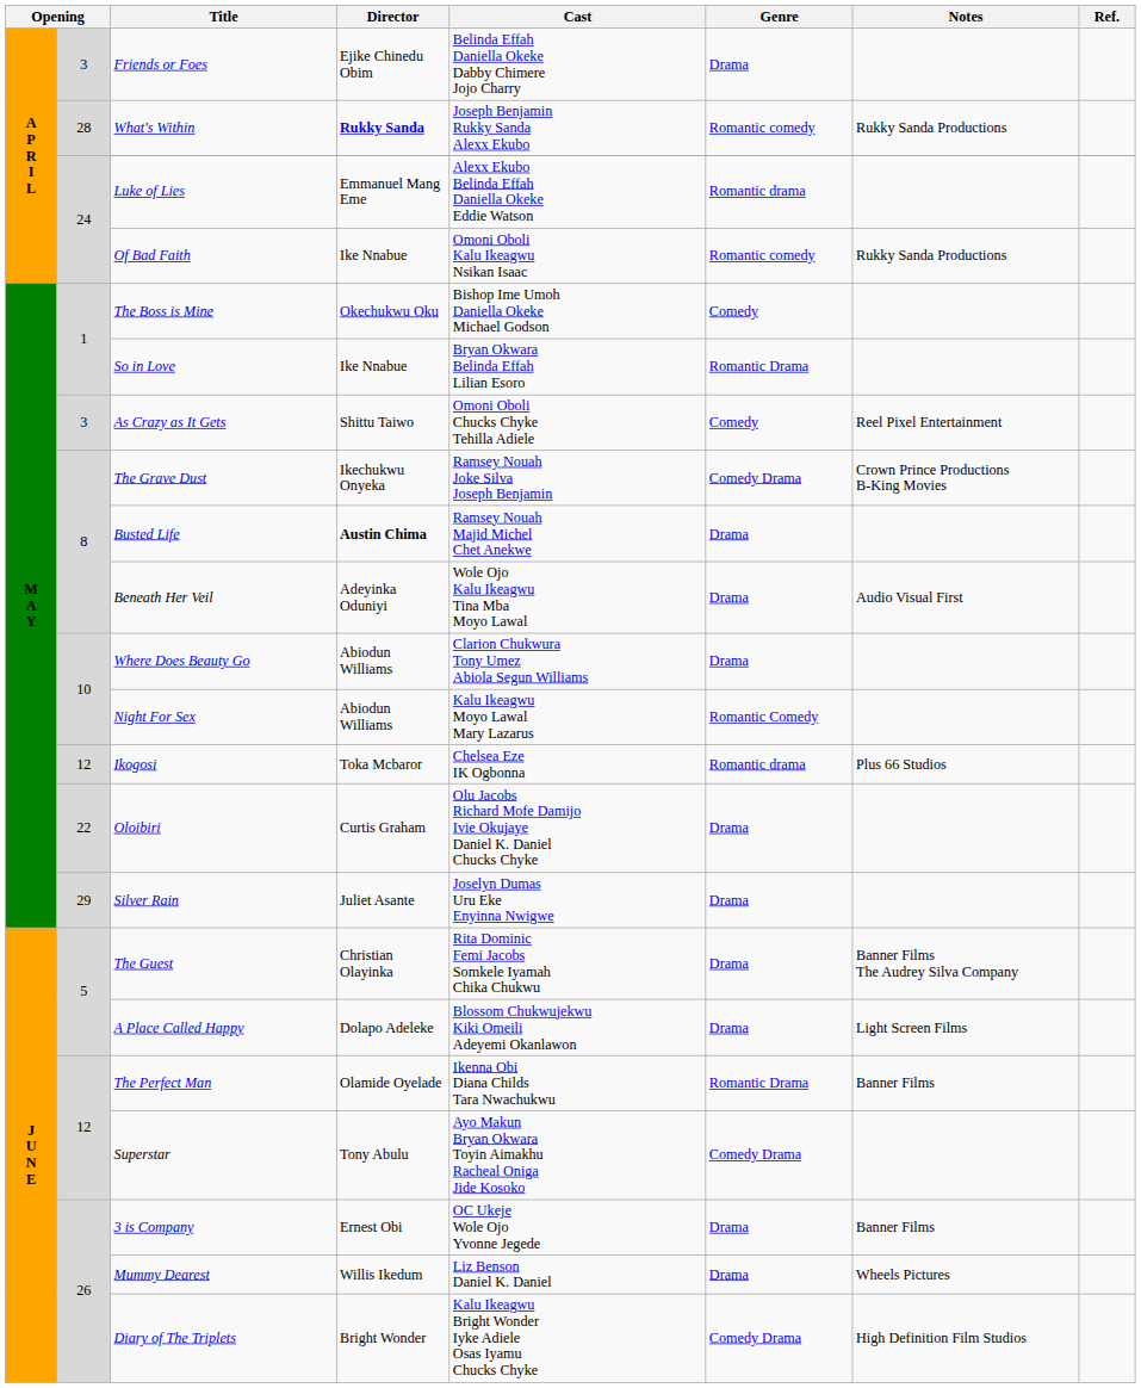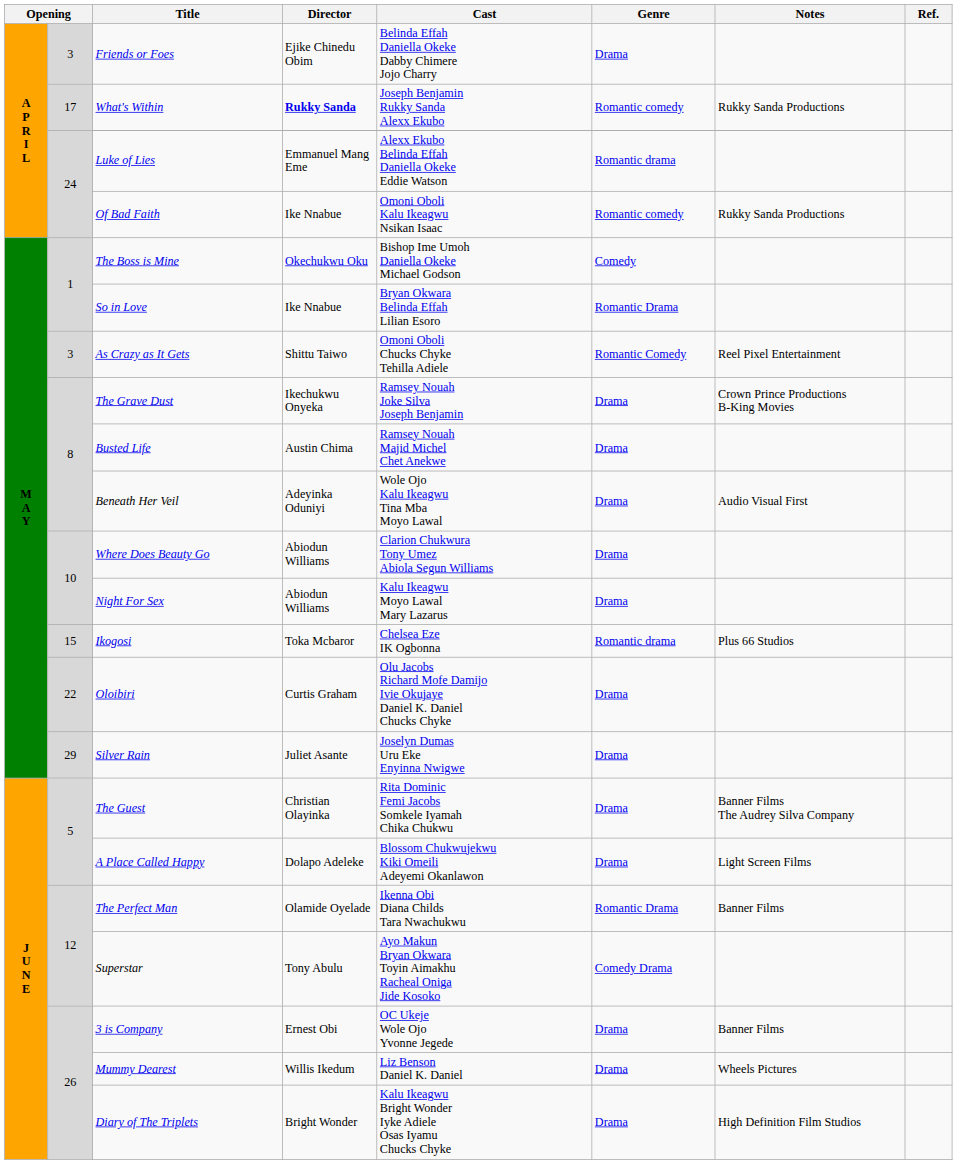 <table class="wikitable">
 <tr>
 <th colspan="2">Opening</th>
 <th style="width:20%;">Title</th>
 <th style="width:10%;">Director</th>
 <th>Cast</th>
 <th style="width:13%">Genre</th>
 <th style="width:20%">Notes</th>
 <th>Ref.</th>
 </tr>
 <tr>
 <td rowspan=5 style="text-align:center; background:orange; textcolor:#000;"><strong>A<br>P<br>R<br>I<br>L<br></strong></td>
 <td rowspan=1 style="text-align:center; background:#d8d8d8; textcolor:#000;">3</td>
 <td><em><a href='#'>Friends or Foes</a></em></td>
 <td>Ejike Chinedu Obim</td>
 <td><a href='#'>Belinda Effah</a><br><a href='#'>Daniella Okeke</a><br>Dabby Chimere<br>Jojo Charry</td>
 <td><a href='#'>Drama</a></td>
 <td></td>
 <td></td>
 </tr>
 <tr>
-<td rowspan=1 style="text-align:center; background:#d8d8d8; textcolor:#000;">28</td>
+<td rowspan=1 style="text-align:center; background:#d8d8d8; textcolor:#000;">17</td>
 <td><em><a href='#'>What's Within</a></em></td>
 <td><strong><a href='#'>Rukky Sanda</a></strong></td>
 <td><a href='#'>Joseph Benjamin</a><br><a href='#'>Rukky Sanda</a><br><a href='#'>Alexx Ekubo</a></td>
 <td><a href='#'>Romantic comedy</a></td>
 <td>Rukky Sanda Productions</td>
 <td></td>
 </tr>
 <tr>
 <td rowspan=3 style="text-align:center; background:#d8d8d8; textcolor:#000;">24</td>
 </tr>
 <tr>
 <td><em><a href='#'>Luke of Lies</a></em></td>
 <td>Emmanuel Mang Eme</td>
 <td><a href='#'>Alexx Ekubo</a><br><a href='#'>Belinda Effah</a><br><a href='#'>Daniella Okeke</a> <br> Eddie Watson</td>
 <td><a href='#'>Romantic drama</a></td>
 <td></td>
 <td></td>
 </tr>
 <tr>
 <td><em><a href='#'>Of Bad Faith</a></em></td>
 <td>Ike Nnabue</td>
 <td><a href='#'>Omoni Oboli</a><br><a href='#'>Kalu Ikeagwu</a><br>Nsikan Isaac</td>
 <td><a href='#'>Romantic comedy</a></td>
 <td>Rukky Sanda Productions</td>
 <td></td>
 </tr>
 <tr>
 <td rowspan=11 style="text-align:center; background:green; textcolor:#000;"><strong>M<br>A<br>Y<br></strong></td>
 <td rowspan=2 style="text-align:center; background:#d8d8d8; textcolor:#000;">1</td>
 <td><em><a href='#'>The Boss is Mine</a></em></td>
 <td><a href='#'>Okechukwu Oku</a></td>
 <td>Bishop Ime Umoh<br><a href='#'>Daniella Okeke</a><br>Michael Godson</td>
 <td><a href='#'>Comedy</a></td>
 <td></td>
 <td></td>
 </tr>
 <tr>
 <td><em><a href='#'>So in Love</a></em></td>
 <td>Ike Nnabue</td>
 <td><a href='#'>Bryan Okwara</a><br><a href='#'>Belinda Effah</a><br>Lilian Esoro</td>
 <td><a href='#'>Romantic Drama</a></td>
 <td></td>
 <td></td>
 </tr>
 <tr>
 <td rowspan=1 style="text-align:center; background:#d8d8d8; textcolor:#000;">3</td>
 <td><em><a href='#'>As Crazy as It Gets</a></em></td>
 <td>Shittu Taiwo</td>
 <td><a href='#'>Omoni Oboli</a><br>Chucks Chyke<br>Tehilla Adiele</td>
-<td><a href='#'>Comedy</a></td>
+<td><a href='#'>Romantic Comedy</a></td>
 <td>Reel Pixel Entertainment</td>
 <td></td>
 </tr>
 <tr>
 <td rowspan=3 style="text-align:center; background:#d8d8d8; textcolor:#000;">8</td>
 <td><em><a href='#'>The Grave Dust</a></em></td>
 <td>Ikechukwu Onyeka</td>
 <td><a href='#'>Ramsey Nouah</a><br><a href='#'>Joke Silva</a><br><a href='#'>Joseph Benjamin</a></td>
-<td><a href='#'>Comedy Drama</a></td>
+<td><a href='#'>Drama</a></td>
 <td>Crown Prince Productions <br> B-King Movies</td>
 <td></td>
 </tr>
 <tr>
 <td><em><a href='#'>Busted Life</a></em></td>
-<td><strong>Austin Chima</strong></td>
+<td>Austin Chima</td>
 <td><a href='#'>Ramsey Nouah</a><br><a href='#'>Majid Michel</a><br><a href='#'>Chet Anekwe</a></td>
 <td><a href='#'>Drama</a></td>
 <td></td>
 <td></td>
 </tr>
 <tr>
 <td><em>Beneath Her Veil</em></td>
 <td>Adeyinka Oduniyi</td>
 <td>Wole Ojo<br><a href='#'>Kalu Ikeagwu</a><br>Tina Mba<br>Moyo Lawal</td>
 <td><a href='#'>Drama</a></td>
 <td>Audio Visual First</td>
 <td></td>
 </tr>
 <tr>
 <td rowspan=2 style="text-align:center; background:#d8d8d8; textcolor:#000;">10</td>
 <td><em><a href='#'>Where Does Beauty Go</a></em></td>
 <td>Abiodun Williams</td>
 <td><a href='#'>Clarion Chukwura</a><br><a href='#'>Tony Umez</a><br><a href='#'>Abiola Segun Williams</a></td>
 <td><a href='#'>Drama</a></td>
 <td></td>
 <td></td>
 </tr>
 <tr>
 <td><em><a href='#'>Night For Sex</a></em></td>
 <td>Abiodun Williams</td>
 <td><a href='#'>Kalu Ikeagwu</a><br>Moyo Lawal<br>Mary Lazarus</td>
-<td><a href='#'>Romantic Comedy</a></td>
+<td><a href='#'>Drama</a></td>
 <td></td>
 <td></td>
 </tr>
 <tr>
-<td rowspan=1 style="text-align:center; background:#d8d8d8; textcolor:#000;">12</td>
+<td rowspan=1 style="text-align:center; background:#d8d8d8; textcolor:#000;">15</td>
 <td><em><a href='#'>Ikogosi</a></em></td>
 <td>Toka Mcbaror</td>
 <td><a href='#'>Chelsea Eze</a><br>IK Ogbonna</td>
 <td><a href='#'>Romantic drama</a></td>
 <td>Plus 66 Studios</td>
 <td></td>
 </tr>
 <tr>
 <td rowspan=1 style="text-align:center; background:#d8d8d8; textcolor:#000;">22</td>
 <td><em><a href='#'>Oloibiri</a></em></td>
 <td>Curtis Graham</td>
 <td><a href='#'>Olu Jacobs</a><br><a href='#'>Richard Mofe Damijo</a><br><a href='#'>Ivie Okujaye</a><br>Daniel K. Daniel<br>Chucks Chyke</td>
 <td><a href='#'>Drama</a></td>
 <td></td>
 <td></td>
 </tr>
 <tr>
 <td rowspan=1 style="text-align:center; background:#d8d8d8; textcolor:#000;">29</td>
 <td><em><a href='#'>Silver Rain</a></em></td>
 <td>Juliet Asante</td>
 <td><a href='#'>Joselyn Dumas</a><br>Uru Eke<br><a href='#'>Enyinna Nwigwe</a></td>
 <td><a href='#'>Drama</a></td>
 <td></td>
 <td></td>
 </tr>
 <tr>
 <td rowspan=7 style="text-align:center; background:orange; textcolor:#000;"><strong>J<br>U<br>N<br>E<br></strong></td>
 <td rowspan=2 style="text-align:center; background:#d8d8d8; textcolor:#000;">5</td>
 <td><em><a href='#'>The Guest</a></em></td>
 <td>Christian Olayinka</td>
 <td><a href='#'>Rita Dominic</a><br><a href='#'>Femi Jacobs</a><br>Somkele Iyamah<br>Chika Chukwu</td>
 <td><a href='#'>Drama</a></td>
 <td>Banner Films <br> The Audrey Silva Company</td>
 <td></td>
 </tr>
 <tr>
 <td><em><a href='#'>A Place Called Happy</a></em></td>
 <td>Dolapo Adeleke</td>
 <td><a href='#'>Blossom Chukwujekwu</a><br><a href='#'>Kiki Omeili</a><br>Adeyemi Okanlawon</td>
 <td><a href='#'>Drama</a></td>
 <td>Light Screen Films</td>
 <td></td>
 </tr>
 <tr>
 <td rowspan=2 style="text-align:center; background:#d8d8d8; textcolor:#000;">12</td>
 <td><em><a href='#'>The Perfect Man</a></em></td>
 <td>Olamide Oyelade</td>
 <td><a href='#'>Ikenna Obi</a><br>Diana Childs<br>Tara Nwachukwu</td>
 <td><a href='#'>Romantic Drama</a></td>
 <td>Banner Films <br></td>
 <td></td>
 </tr>
 <tr>
 <td><em>Superstar</em></td>
 <td>Tony Abulu</td>
 <td><a href='#'>Ayo Makun</a><br><a href='#'>Bryan Okwara</a><br>Toyin Aimakhu<br><a href='#'>Racheal Oniga</a><br><a href='#'>Jide Kosoko</a></td>
 <td><a href='#'>Comedy Drama</a></td>
 <td></td>
 <td></td>
 </tr>
 <tr>
 <td rowspan=3 style="text-align:center; background:#d8d8d8; textcolor:#000;">26</td>
 <td><em><a href='#'>3 is Company</a></em></td>
 <td>Ernest Obi</td>
 <td><a href='#'>OC Ukeje</a><br>Wole Ojo<br>Yvonne Jegede</td>
 <td><a href='#'>Drama</a></td>
 <td>Banner Films <br></td>
 <td></td>
 </tr>
 <tr>
 <td><em><a href='#'>Mummy Dearest</a></em></td>
 <td>Willis Ikedum</td>
 <td><a href='#'>Liz Benson</a><br>Daniel K. Daniel</td>
 <td><a href='#'>Drama</a></td>
 <td>Wheels Pictures</td>
 <td></td>
 </tr>
 <tr>
 <td><em><a href='#'>Diary of The Triplets</a></em></td>
 <td>Bright Wonder</td>
 <td><a href='#'>Kalu Ikeagwu</a><br>Bright Wonder<br>Iyke Adiele<br>Osas Iyamu<br>Chucks Chyke</td>
-<td><a href='#'>Comedy Drama</a></td>
+<td><a href='#'>Drama</a></td>
 <td>High Definition Film Studios</td>
 <td></td>
 </tr>
 </table>
